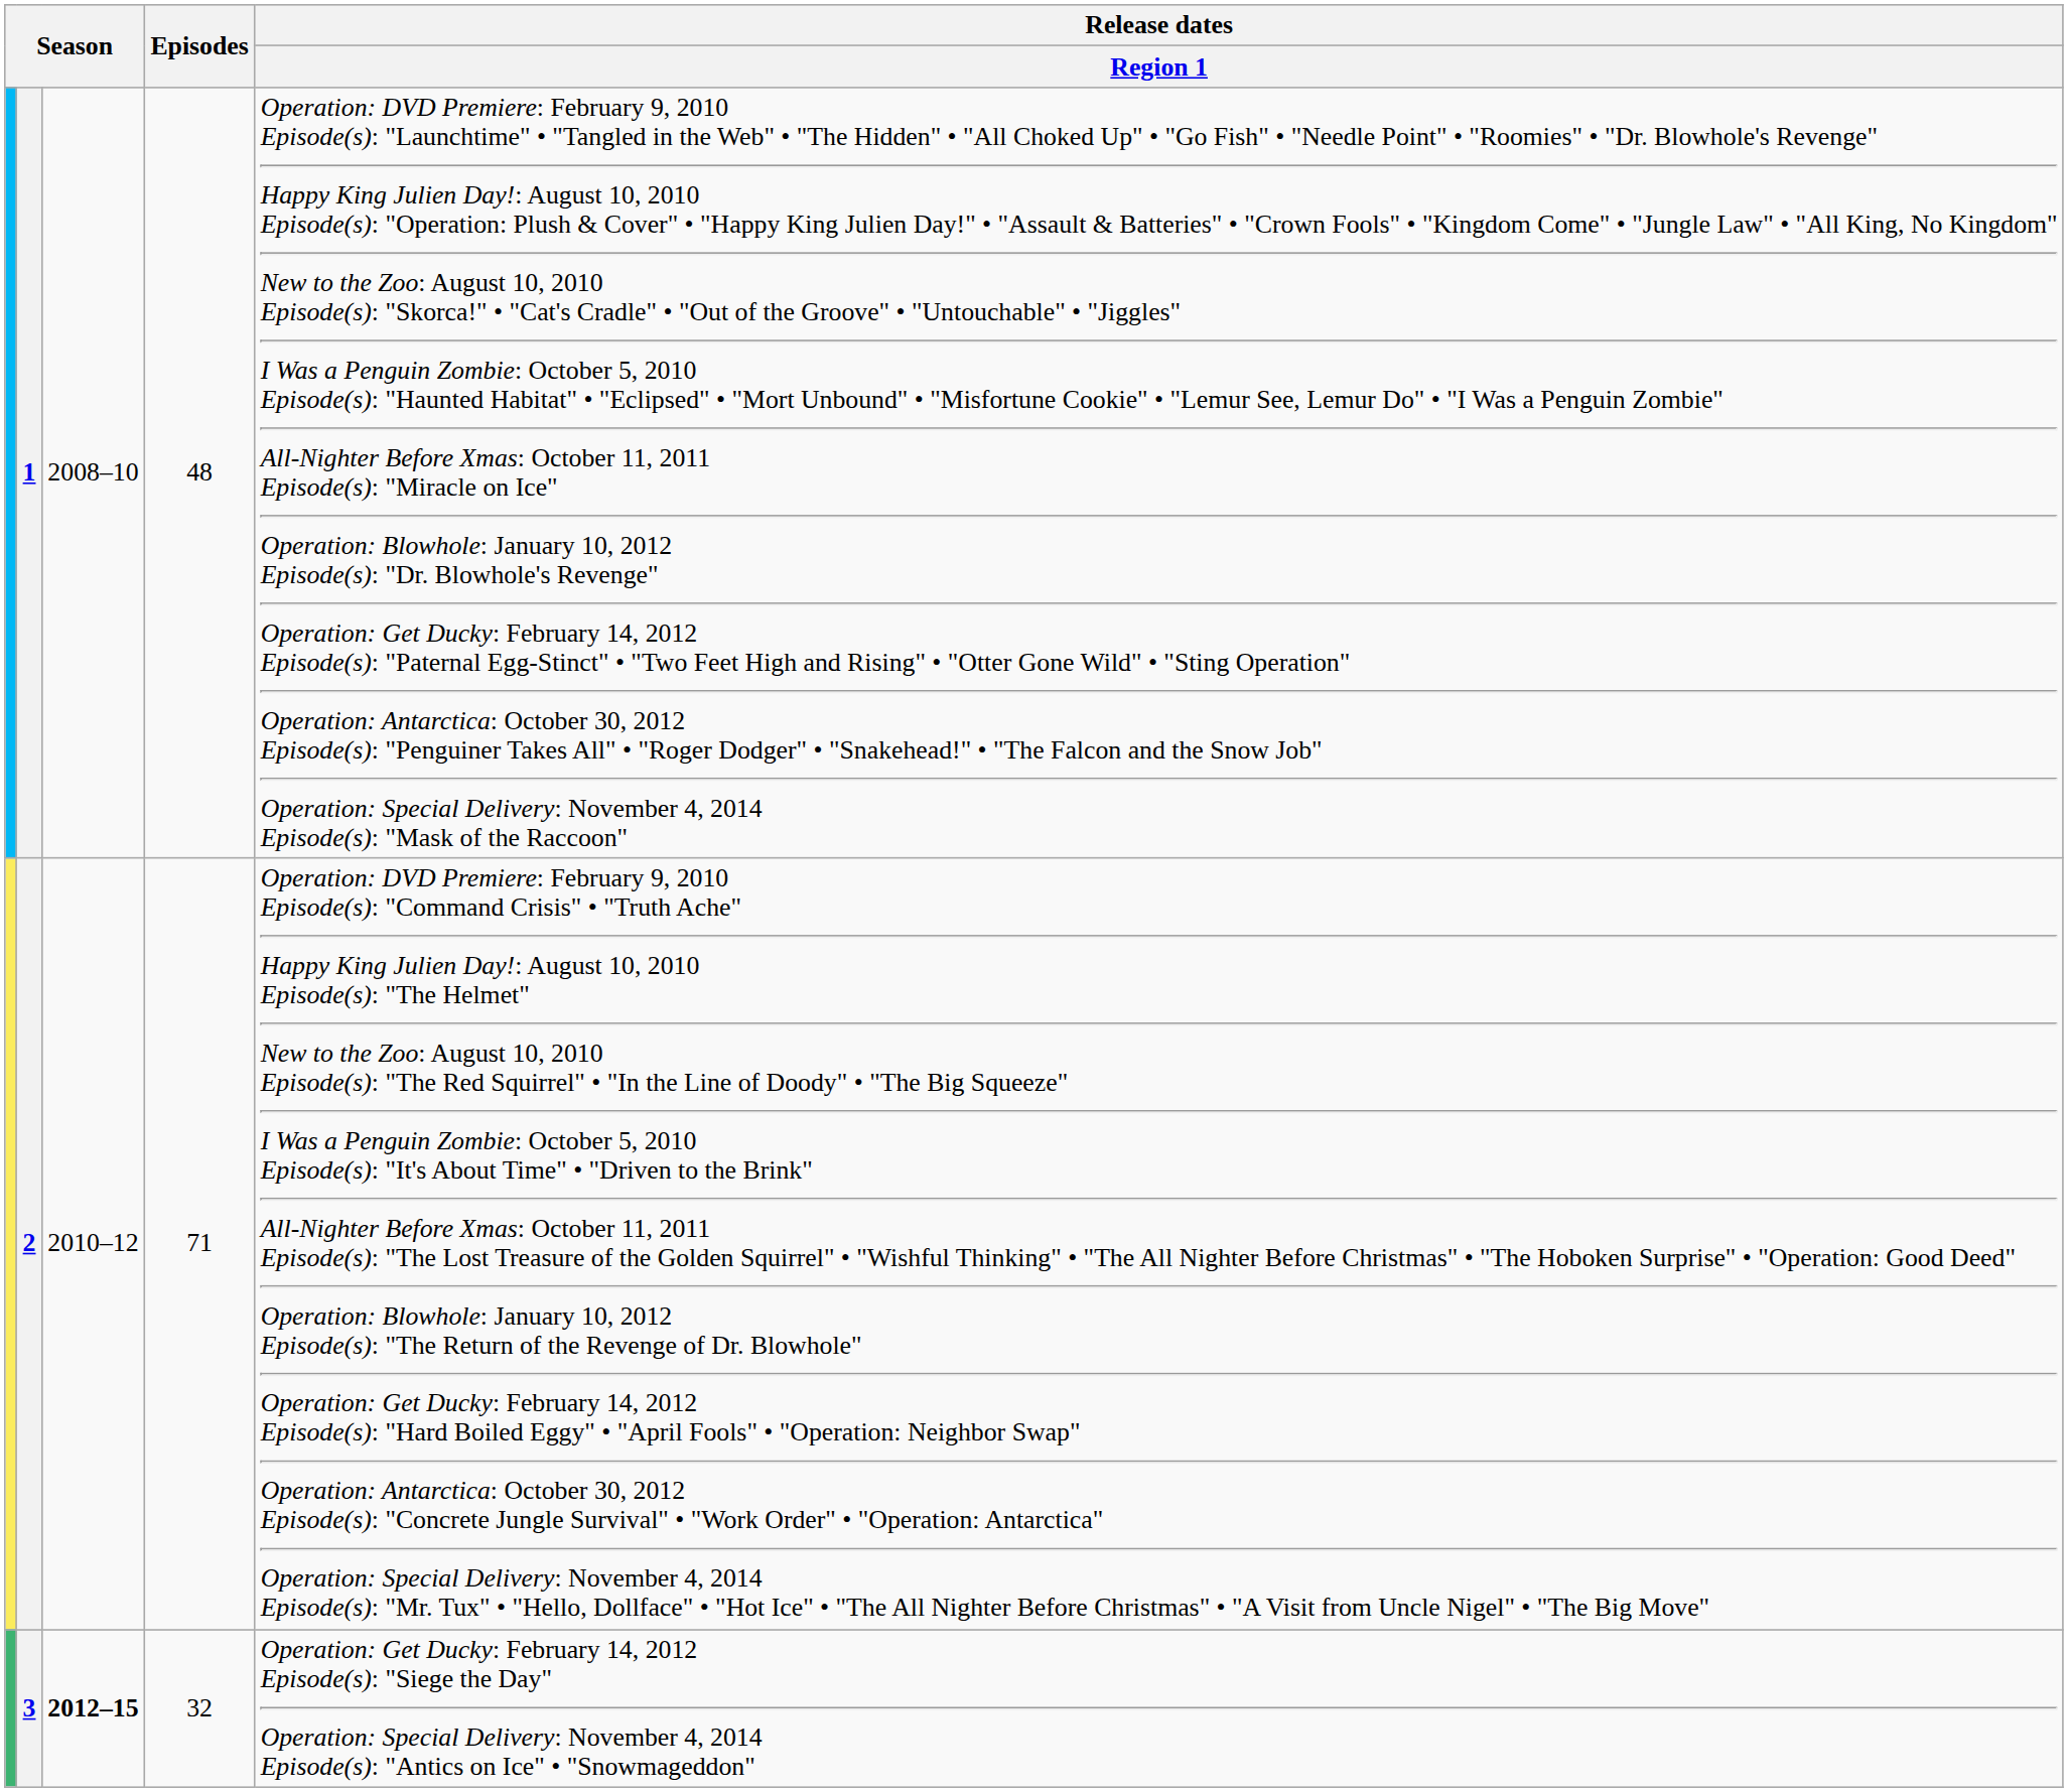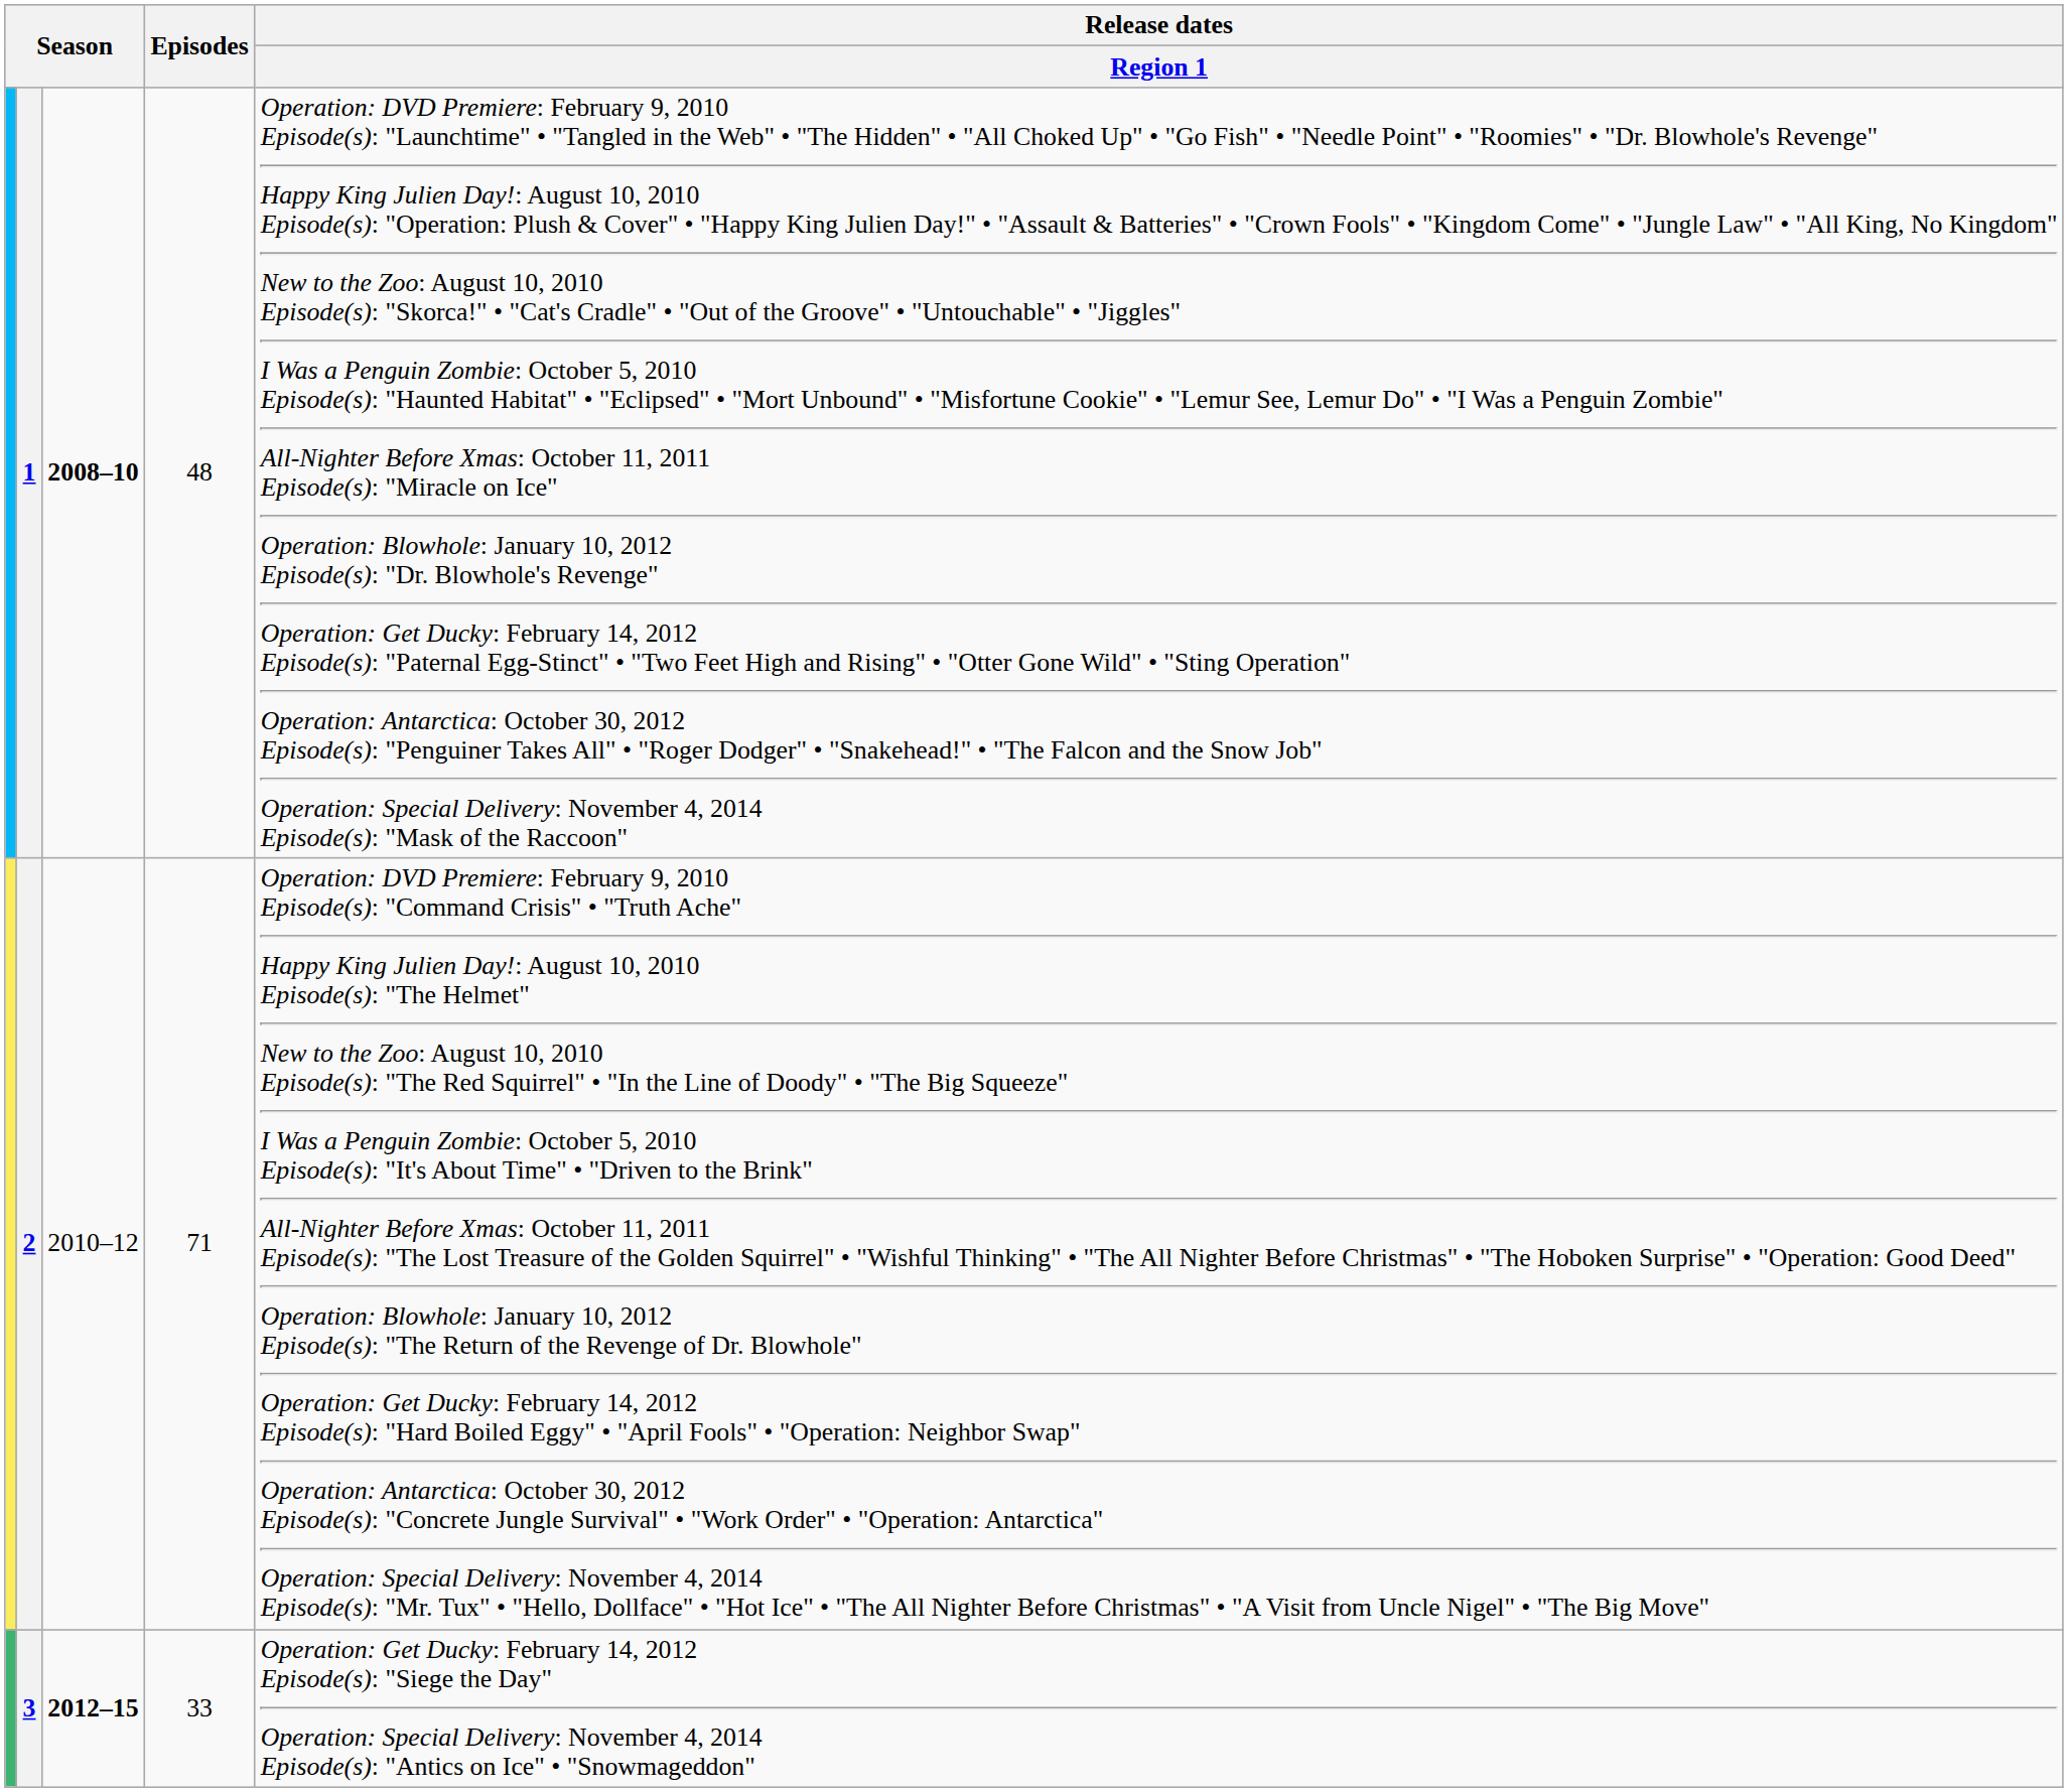 <table class="wikitable">
 <tr>
 <th colspan=3 rowspan=2>Season</th>
 <th rowspan=2>Episodes</th>
 <th colspan=1>Release dates</th>
 </tr>
 <tr>
 <th><a href='#'>Region 1</a></th>
 </tr>
 <tr>
 <th style="background:#00B8F5"></th>
 <th><a href='#'>1</a></th>
-<td style="text-align: center">2008–10</td>
+<td style="text-align: center"><strong>2008–10</strong></td>
 <td style="text-align: center">48</td>
 <td><em>Operation: DVD Premiere</em>: February 9, 2010<br><em>Episode(s)</em>: "Launchtime" • "Tangled in the Web" • "The Hidden" • "All Choked Up" • "Go Fish" • "Needle Point" • "Roomies" • "Dr. Blowhole's Revenge"<hr><em>Happy King Julien Day!</em>: August 10, 2010<br><em>Episode(s)</em>: "Operation: Plush & Cover" • "Happy King Julien Day!" • "Assault & Batteries" • "Crown Fools" • "Kingdom Come" • "Jungle Law" • "All King, No Kingdom"<hr><em>New to the Zoo</em>: August 10, 2010<br><em>Episode(s)</em>: "Skorca!" • "Cat's Cradle" • "Out of the Groove" • "Untouchable" • "Jiggles"<hr><em>I Was a Penguin Zombie</em>: October 5, 2010<br><em>Episode(s)</em>: "Haunted Habitat" • "Eclipsed" • "Mort Unbound" • "Misfortune Cookie" • "Lemur See, Lemur Do" • "I Was a Penguin Zombie"<hr><em>All-Nighter Before Xmas</em>: October 11, 2011<br><em>Episode(s)</em>: "Miracle on Ice"<hr><em>Operation: Blowhole</em>: January 10, 2012<br><em>Episode(s)</em>: "Dr. Blowhole's Revenge"<hr><em>Operation: Get Ducky</em>: February 14, 2012<br><em>Episode(s)</em>: "Paternal Egg-Stinct" • "Two Feet High and Rising" • "Otter Gone Wild" • "Sting Operation"<hr><em>Operation: Antarctica</em>: October 30, 2012<br><em>Episode(s)</em>: "Penguiner Takes All" • "Roger Dodger" • "Snakehead!" • "The Falcon and the Snow Job"<hr><em>Operation: Special Delivery</em>: November 4, 2014<br><em>Episode(s)</em>: "Mask of the Raccoon"</td>
 </tr>
 <tr>
 <th style="background:#FBEC5D"></th>
 <th><a href='#'>2</a></th>
 <td style="text-align: center">2010–12</td>
 <td style="text-align: center">71</td>
 <td><em>Operation: DVD Premiere</em>: February 9, 2010<br><em>Episode(s)</em>: "Command Crisis" • "Truth Ache"<hr><em>Happy King Julien Day!</em>: August 10, 2010<br><em>Episode(s)</em>: "The Helmet"<hr><em>New to the Zoo</em>: August 10, 2010<br><em>Episode(s)</em>: "The Red Squirrel" • "In the Line of Doody" • "The Big Squeeze"<hr><em>I Was a Penguin Zombie</em>: October 5, 2010<br><em>Episode(s)</em>: "It's About Time" • "Driven to the Brink"<hr><em>All-Nighter Before Xmas</em>: October 11, 2011<br><em>Episode(s)</em>: "The Lost Treasure of the Golden Squirrel" • "Wishful Thinking" • "The All Nighter Before Christmas" • "The Hoboken Surprise" • "Operation: Good Deed"<hr><em>Operation: Blowhole</em>: January 10, 2012<br><em>Episode(s)</em>: "The Return of the Revenge of Dr. Blowhole"<hr><em>Operation: Get Ducky</em>: February 14, 2012<br><em>Episode(s)</em>: "Hard Boiled Eggy" • "April Fools" • "Operation: Neighbor Swap"<hr><em>Operation: Antarctica</em>: October 30, 2012<br><em>Episode(s)</em>: "Concrete Jungle Survival" • "Work Order" • "Operation: Antarctica"<hr><em>Operation: Special Delivery</em>: November 4, 2014<br><em>Episode(s)</em>: "Mr. Tux" • "Hello, Dollface" • "Hot Ice" • "The All Nighter Before Christmas" • "A Visit from Uncle Nigel" • "The Big Move"</td>
 </tr>
 <tr>
 <th style="background:#3CB371"></th>
 <th><a href='#'>3</a></th>
 <td style="text-align: center"><strong>2012–15</strong></td>
-<td style="text-align: center">32</td>
+<td style="text-align: center">33</td>
 <td><em>Operation: Get Ducky</em>: February 14, 2012<br><em>Episode(s)</em>: "Siege the Day"<hr><em>Operation: Special Delivery</em>: November 4, 2014<br><em>Episode(s)</em>: "Antics on Ice" • "Snowmageddon"</td>
 </tr>
 </table>
